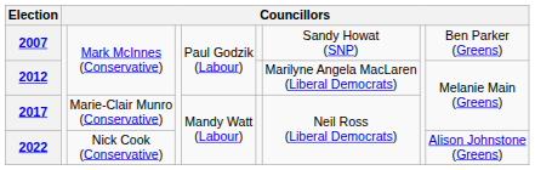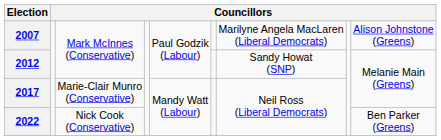 <table class="wikitable" style="text-align:center">
 <tr>
 <th>Election</th>
 <th colspan=8>Councillors</th>
 </tr>
 <tr>
 <th><a href='#'>2007</a></th>
 <td rowspan=4; style="background-color: "></td>
 <td rowspan=2><a href='#'>Mark McInnes</a><br>(<a href='#'>Conservative</a>)</td>
 <td rowspan=4; style="background-color: "></td>
 <td rowspan=2>Paul Godzik<br>(<a href='#'>Labour</a>)</td>
 <td rowspan=1; style="background-color: "></td>
-<td rowspan=1>Sandy Howat<br>(<a href='#'>SNP</a>)</td>
+<td rowspan=1>Marilyne Angela MacLaren<br>(<a href='#'>Liberal Democrats</a>)</td>
 <td rowspan=4; style="background-color: "></td>
-<td rowspan=1>Ben Parker<br>(<a href='#'>Greens</a>)</td>
+<td rowspan=1><a href='#'>Alison Johnstone</a><br>(<a href='#'>Greens</a>)</td>
 </tr>
 <tr>
 <th><a href='#'>2012</a></th>
 <td rowspan=1; style="background-color: "></td>
-<td rowspan=1>Marilyne Angela MacLaren<br>(<a href='#'>Liberal Democrats</a>)</td>
+<td rowspan=1>Sandy Howat<br>(<a href='#'>SNP</a>)</td>
 <td rowspan=2>Melanie Main<br>(<a href='#'>Greens</a>)</td>
 </tr>
 <tr>
 <th><a href='#'>2017</a></th>
 <td rowspan=1>Marie-Clair Munro<br>(<a href='#'>Conservative</a>)</td>
 <td rowspan=2>Mandy Watt<br>(<a href='#'>Labour</a>)</td>
 <td rowspan=2; style="background-color: "></td>
 <td rowspan=2>Neil Ross<br>(<a href='#'>Liberal Democrats</a>)</td>
 </tr>
 <tr>
 <th><a href='#'>2022</a></th>
 <td rowspan=1>Nick Cook<br>(<a href='#'>Conservative</a>)</td>
-<td rowspan=1><a href='#'>Alison Johnstone</a><br>(<a href='#'>Greens</a>)</td>
+<td rowspan=1>Ben Parker<br>(<a href='#'>Greens</a>)</td>
 </tr>
 </table>
